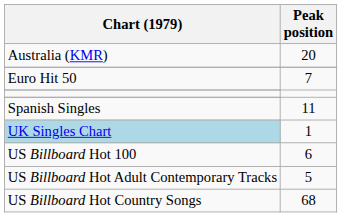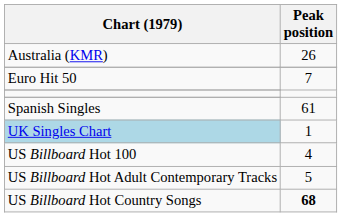 <table class="wikitable sortable">
 <tr>
 <th align="left">Chart (1979)</th>
 <th style="text-align:center;">Peak<br>position</th>
 </tr>
 <tr>
 <td align="left">Australia (<a href='#'>KMR</a>)</td>
-<td style="text-align:center;">20</td>
+<td style="text-align:center;">26</td>
 </tr>
 <tr>
 </tr>
 <tr>
 </tr>
 <tr>
 </tr>
 <tr>
 </tr>
 <tr>
 </tr>
 <tr>
 <td align="left">Euro Hit 50</td>
 <td style="text-align:center;">7</td>
 </tr>
 <tr>
 </tr>
 <tr>
 <td></td>
 </tr>
 <tr>
 </tr>
 <tr>
 </tr>
 <tr>
 <td align="left">Spanish Singles</td>
-<td style="text-align:center;">11</td>
+<td style="text-align:center;">61</td>
 </tr>
 <tr>
 <td align="left" style="background: lightblue;"><a href='#'>UK Singles Chart</a></td>
 <td style="text-align:center;">1</td>
 </tr>
 <tr>
 <td align="left">US <em>Billboard</em> Hot 100</td>
-<td style="text-align:center;">6</td>
+<td style="text-align:center;">4</td>
 </tr>
 <tr>
 <td align="left">US <em>Billboard</em> Hot Adult Contemporary Tracks</td>
 <td style="text-align:center;">5</td>
 </tr>
 <tr>
 <td align="left">US <em>Billboard</em> Hot Country Songs</td>
-<td style="text-align:center;">68</td>
+<td style="text-align:center;"><strong>68</strong></td>
 </tr>
 </table>
